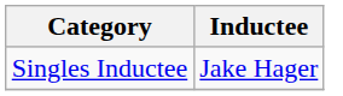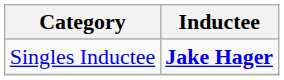 <table class="wikitable">
 <tr>
 <th>Category</th>
 <th>Inductee</th>
 </tr>
 <tr>
 <td><a href='#'>Singles Inductee</a></td>
-<td><a href='#'>Jake Hager</a></td>
+<td><strong><a href='#'>Jake Hager</a></strong></td>
 </tr>
 <tr>
 </tr>
 </table>
